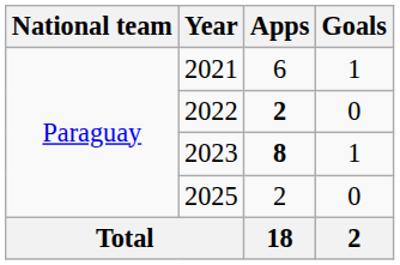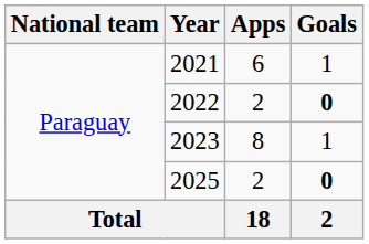 <table class="wikitable" style="text-align:center">
 <tr>
 <th>National team</th>
 <th>Year</th>
 <th>Apps</th>
 <th>Goals</th>
 </tr>
 <tr>
 <td rowspan="4"><a href='#'>Paraguay</a></td>
 <td>2021</td>
 <td>6</td>
 <td>1</td>
 </tr>
 <tr>
 <td>2022</td>
-<td><strong>2</strong></td>
-<td>0</td>
+<td>2</td>
+<td><strong>0</strong></td>
 </tr>
 <tr>
 <td>2023</td>
-<td><strong>8</strong></td>
+<td>8</td>
 <td>1</td>
 </tr>
 <tr>
 <td>2025</td>
 <td>2</td>
-<td>0</td>
+<td><strong>0</strong></td>
 </tr>
 <tr>
 <th colspan="2">Total</th>
 <th>18</th>
 <th>2</th>
 </tr>
 </table>
